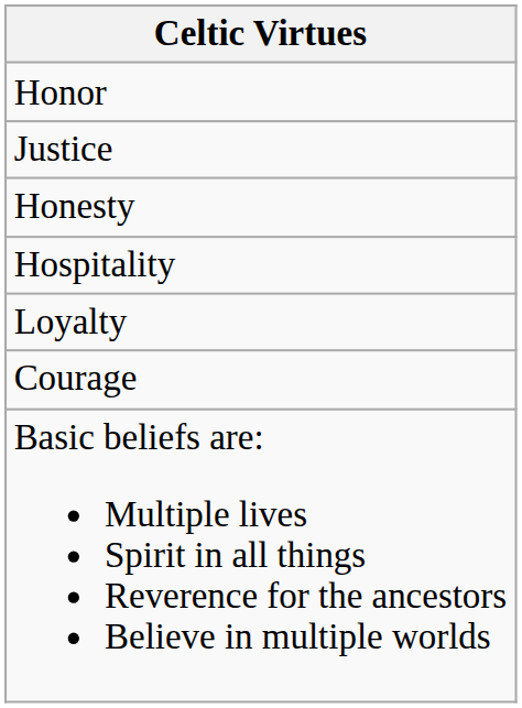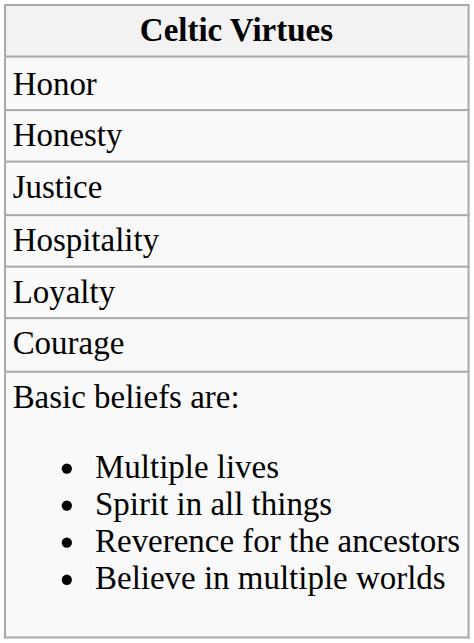 <table class="wikitable">
 <tr>
 <th>Celtic Virtues</th>
 </tr>
 <tr>
 <td>Honor</td>
 </tr>
 <tr>
-<td>Justice</td>
+<td>Honesty</td>
 </tr>
 <tr>
-<td>Honesty</td>
+<td>Justice</td>
 </tr>
 <tr>
 <td>Hospitality</td>
 </tr>
 <tr>
 <td>Loyalty</td>
 </tr>
 <tr>
 <td>Courage</td>
 </tr>
 <tr>
 <td>Basic beliefs are:<br><ul><li>Multiple lives</li><li>Spirit in all things</li><li>Reverence for the ancestors</li><li>Believe in multiple worlds</li></ul></td>
 </tr>
 </table>
